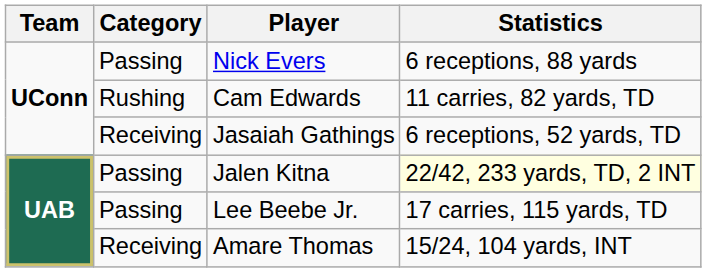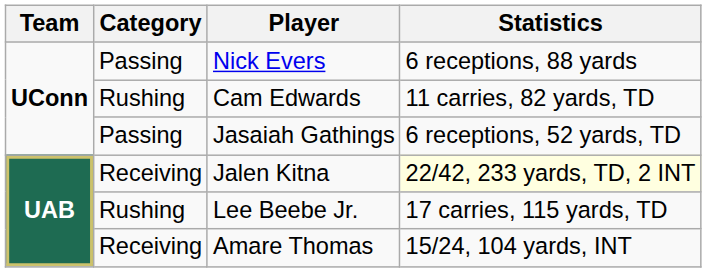 <table class="wikitable" style="float: right;">
 <tr>
 <th>Team</th>
 <th>Category</th>
 <th>Player</th>
 <th>Statistics</th>
 </tr>
 <tr>
 <td rowspan=3><strong>UConn</strong></td>
 <td>Passing</td>
 <td><a href='#'>Nick Evers</a></td>
 <td>6 receptions, 88 yards</td>
 </tr>
 <tr>
 <td>Rushing</td>
 <td>Cam Edwards</td>
 <td>11 carries, 82 yards, TD</td>
 </tr>
 <tr>
-<td>Receiving</td>
+<td>Passing</td>
 <td>Jasaiah Gathings</td>
 <td>6 receptions, 52 yards, TD</td>
 </tr>
 <tr>
 <td rowspan=3 style="background-color:#1E6B52;color:#FFFFFF;box-shadow: inset 2px 2px 0 #CDC26C, inset -2px -2px 0 #CDC26C; text-align:center;"><strong>UAB</strong></td>
-<td>Passing</td>
+<td>Receiving</td>
 <td>Jalen Kitna</td>
 <td style="background: lightyellow;">22/42, 233 yards, TD, 2 INT</td>
 </tr>
 <tr>
-<td>Passing</td>
+<td>Rushing</td>
 <td>Lee Beebe Jr.</td>
 <td>17 carries, 115 yards, TD</td>
 </tr>
 <tr>
 <td>Receiving</td>
 <td>Amare Thomas</td>
 <td>15/24, 104 yards, INT</td>
 </tr>
 </table>
